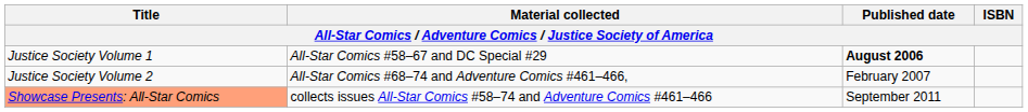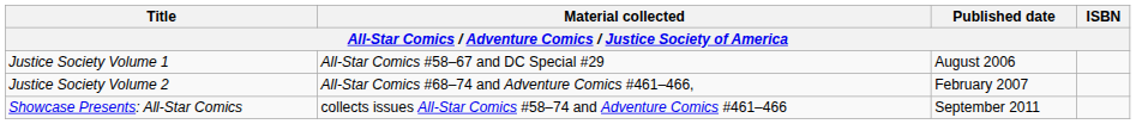 <table class="wikitable sortable" width=99%>
 <tr>
 <th>Title</th>
 <th>Material collected</th>
 <th>Published date</th>
 <th>ISBN</th>
 </tr>
 <tr>
 <th colspan="4"><em><a href='#'>All-Star Comics</a> / <a href='#'>Adventure Comics</a> / <a href='#'>Justice Society of America</a></em></th>
 </tr>
 <tr>
 <td><em>Justice Society Volume 1</em></td>
 <td><em>All-Star Comics</em> #58–67 and DC Special #29</td>
-<td><strong>August 2006</strong></td>
+<td>August 2006</td>
 <td></td>
 </tr>
 <tr>
 <td><em>Justice Society Volume 2</em></td>
 <td><em>All-Star Comics</em> #68–74 and <em>Adventure Comics</em> #461–466,</td>
 <td>February 2007</td>
 <td></td>
 </tr>
 <tr>
-<td style="background: lightsalmon;"><em><a href='#'>Showcase Presents</a>: All-Star Comics</em></td>
+<td><em><a href='#'>Showcase Presents</a>: All-Star Comics</em></td>
 <td>collects issues <em><a href='#'>All-Star Comics</a></em> #58–74 and <em><a href='#'>Adventure Comics</a></em> #461–466</td>
 <td>September 2011</td>
 <td></td>
 </tr>
 </table>
